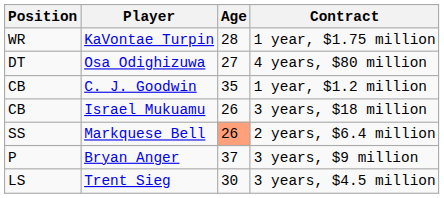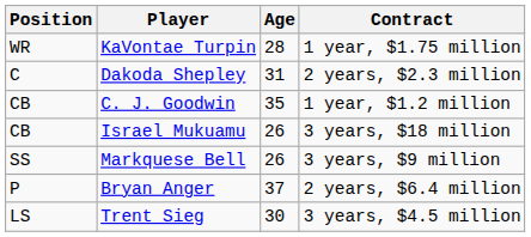 <table class="wikitable">
 <tr>
 <th>Position</th>
 <th>Player</th>
 <th>Age</th>
 <th>Contract</th>
 </tr>
 <tr>
 <td>WR</td>
 <td><a href='#'>KaVontae Turpin</a></td>
 <td>28</td>
 <td>1 year, $1.75 million</td>
 </tr>
 <tr>
-<td>DT</td>
-<td><a href='#'>Osa Odighizuwa</a></td>
-<td>27</td>
-<td>4 years, $80 million</td>
+<td>C</td>
+<td><a href='#'>Dakoda Shepley</a></td>
+<td>31</td>
+<td>2 years, $2.3 million</td>
 </tr>
 <tr>
 <td>CB</td>
 <td><a href='#'>C. J. Goodwin</a></td>
 <td>35</td>
 <td>1 year, $1.2 million</td>
 </tr>
 <tr>
 <td>CB</td>
 <td><a href='#'>Israel Mukuamu</a></td>
 <td>26</td>
 <td>3 years, $18 million</td>
 </tr>
 <tr>
 <td>SS</td>
 <td><a href='#'>Markquese Bell</a></td>
-<td style="background: lightsalmon;">26</td>
-<td>2 years, $6.4 million</td>
+<td>26</td>
+<td>3 years, $9 million</td>
 </tr>
 <tr>
 <td>P</td>
 <td><a href='#'>Bryan Anger</a></td>
 <td>37</td>
-<td>3 years, $9 million</td>
+<td>2 years, $6.4 million</td>
 </tr>
 <tr>
 <td>LS</td>
 <td><a href='#'>Trent Sieg</a></td>
 <td>30</td>
 <td>3 years, $4.5 million</td>
 </tr>
 </table>
